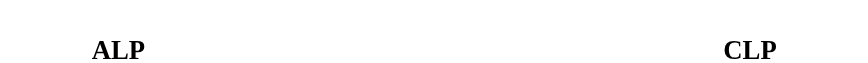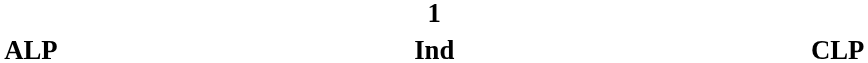 <table style="width:60%; text-align:center;">
 <tr style="color:white;">
 <td style="background:"><strong>13</strong></td>
+<td style="color:black; background:"><strong>1</strong></td>
 <td style="background:"><strong>11</strong></td>
 </tr>
 <tr>
 <td><span><strong>ALP</strong></span></td>
+<td><span><strong>Ind</strong></span></td>
 <td><span><strong>CLP</strong></span></td>
 </tr>
 </table>
